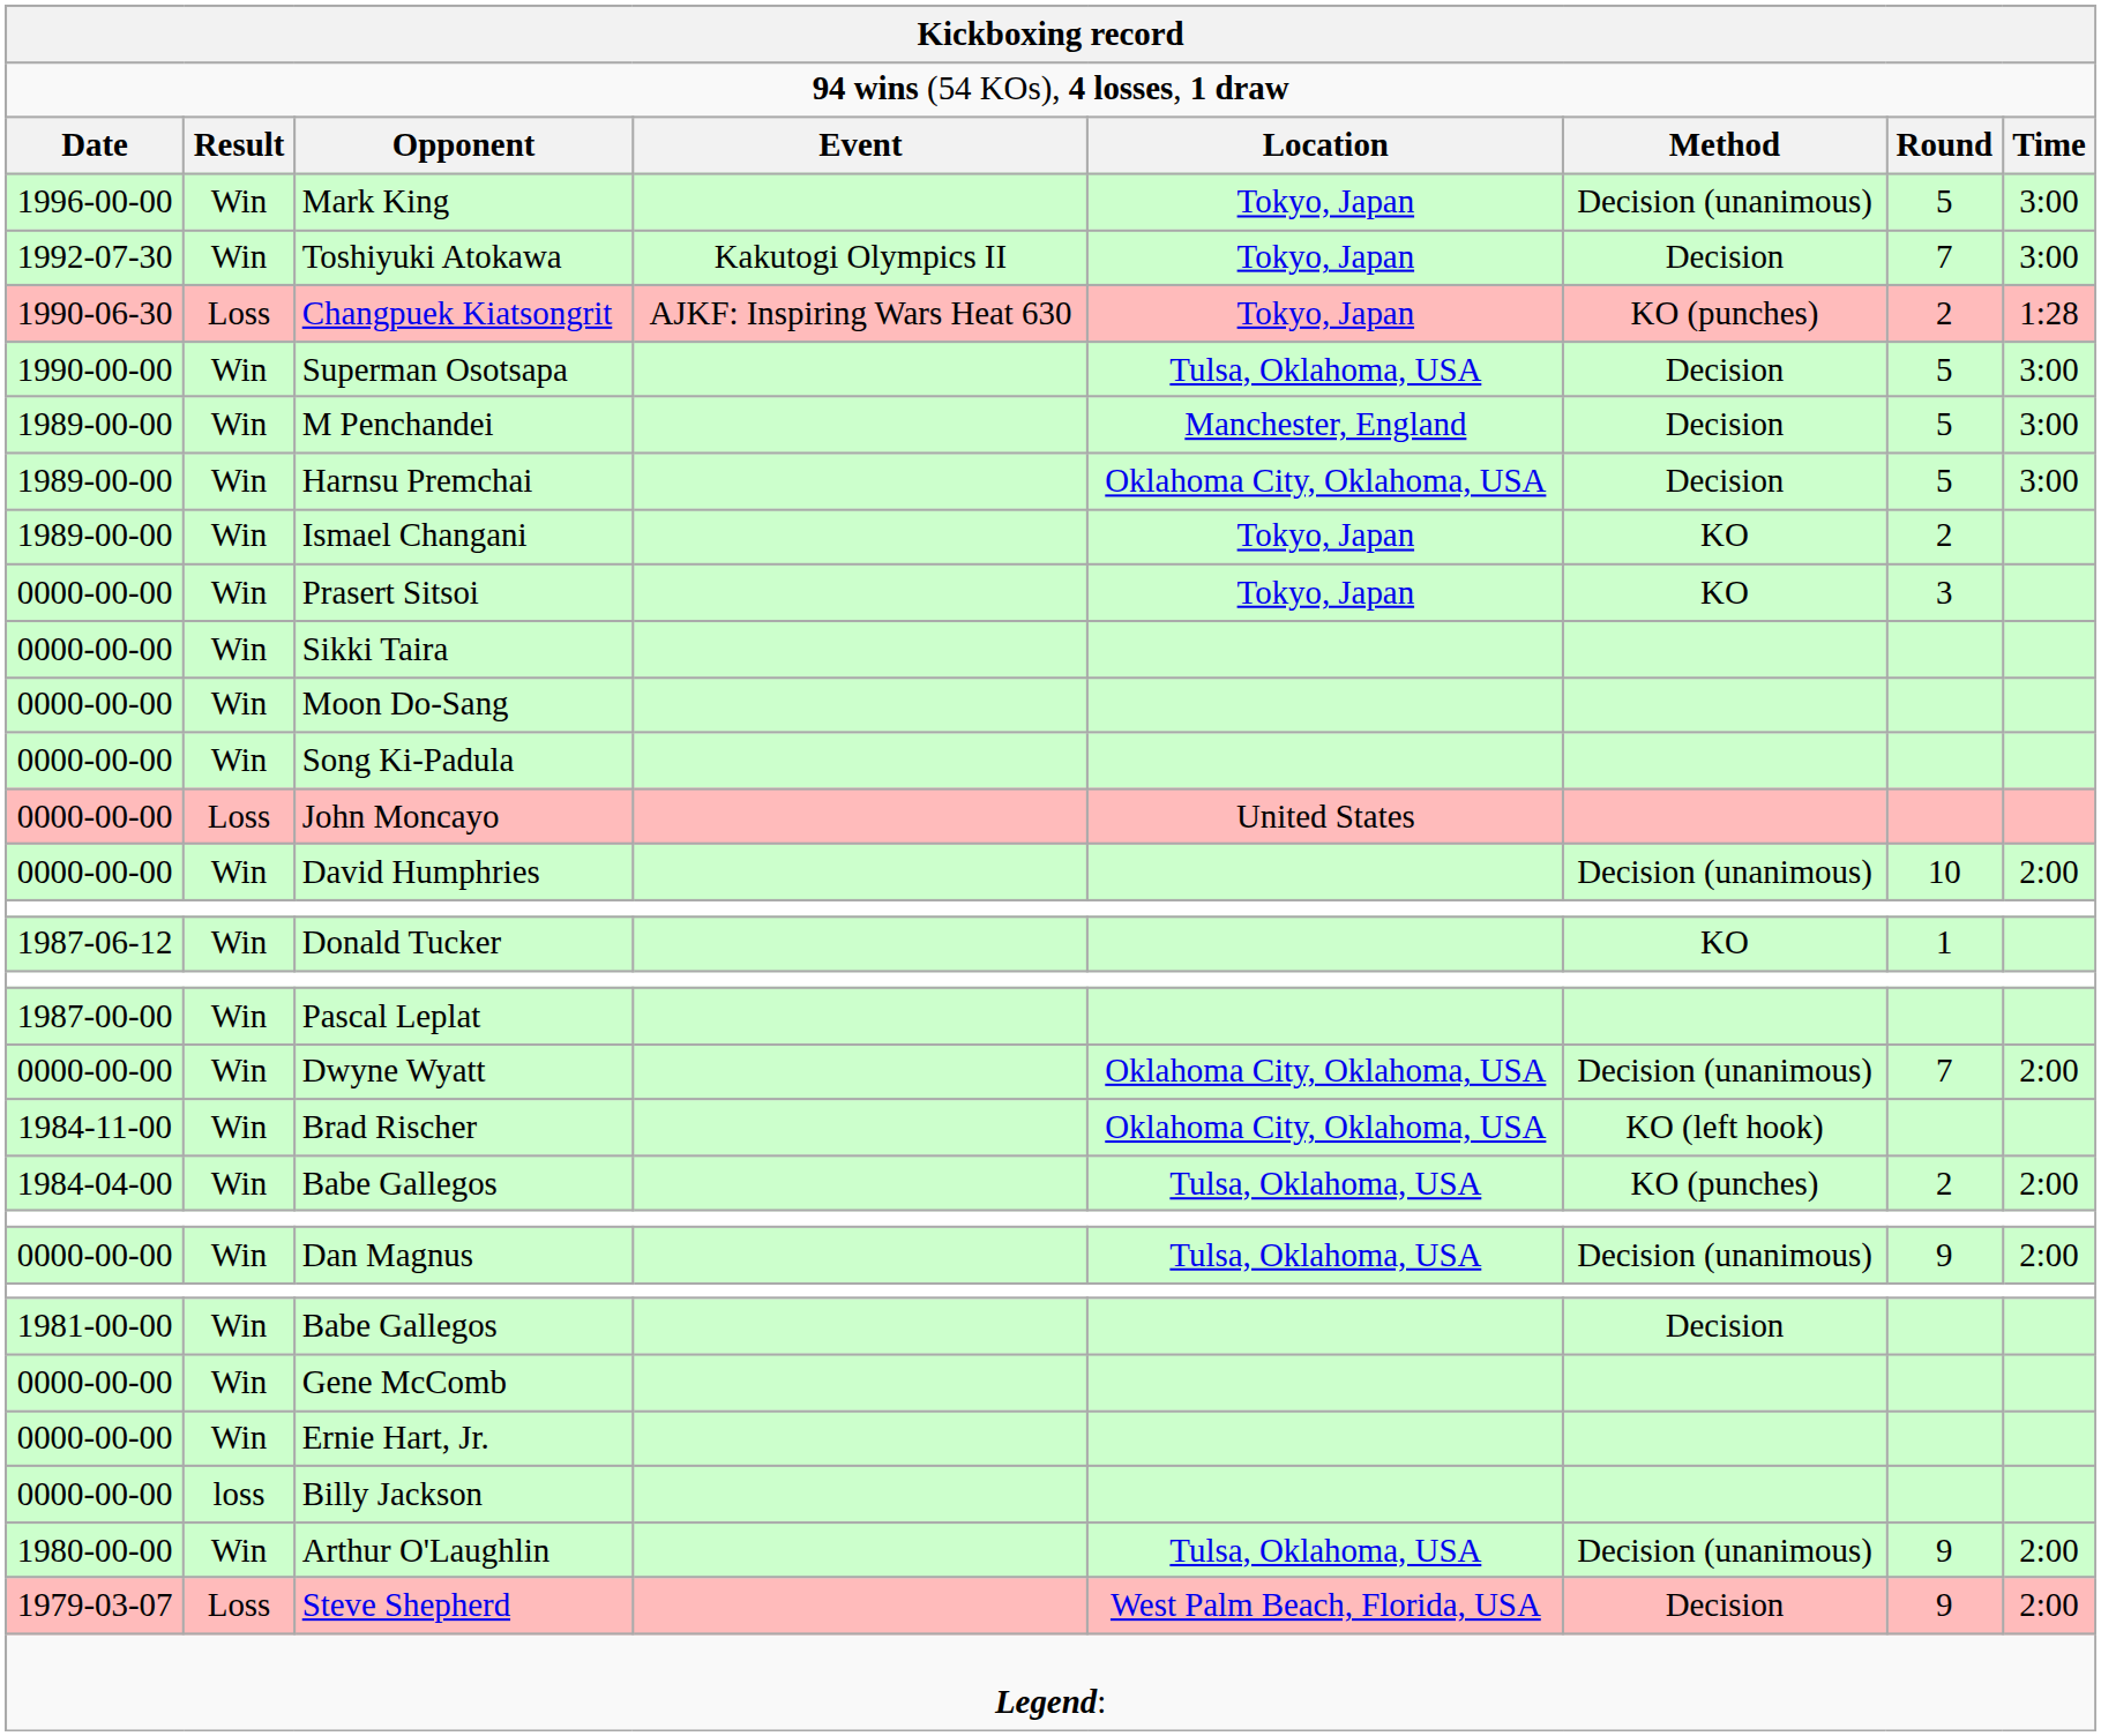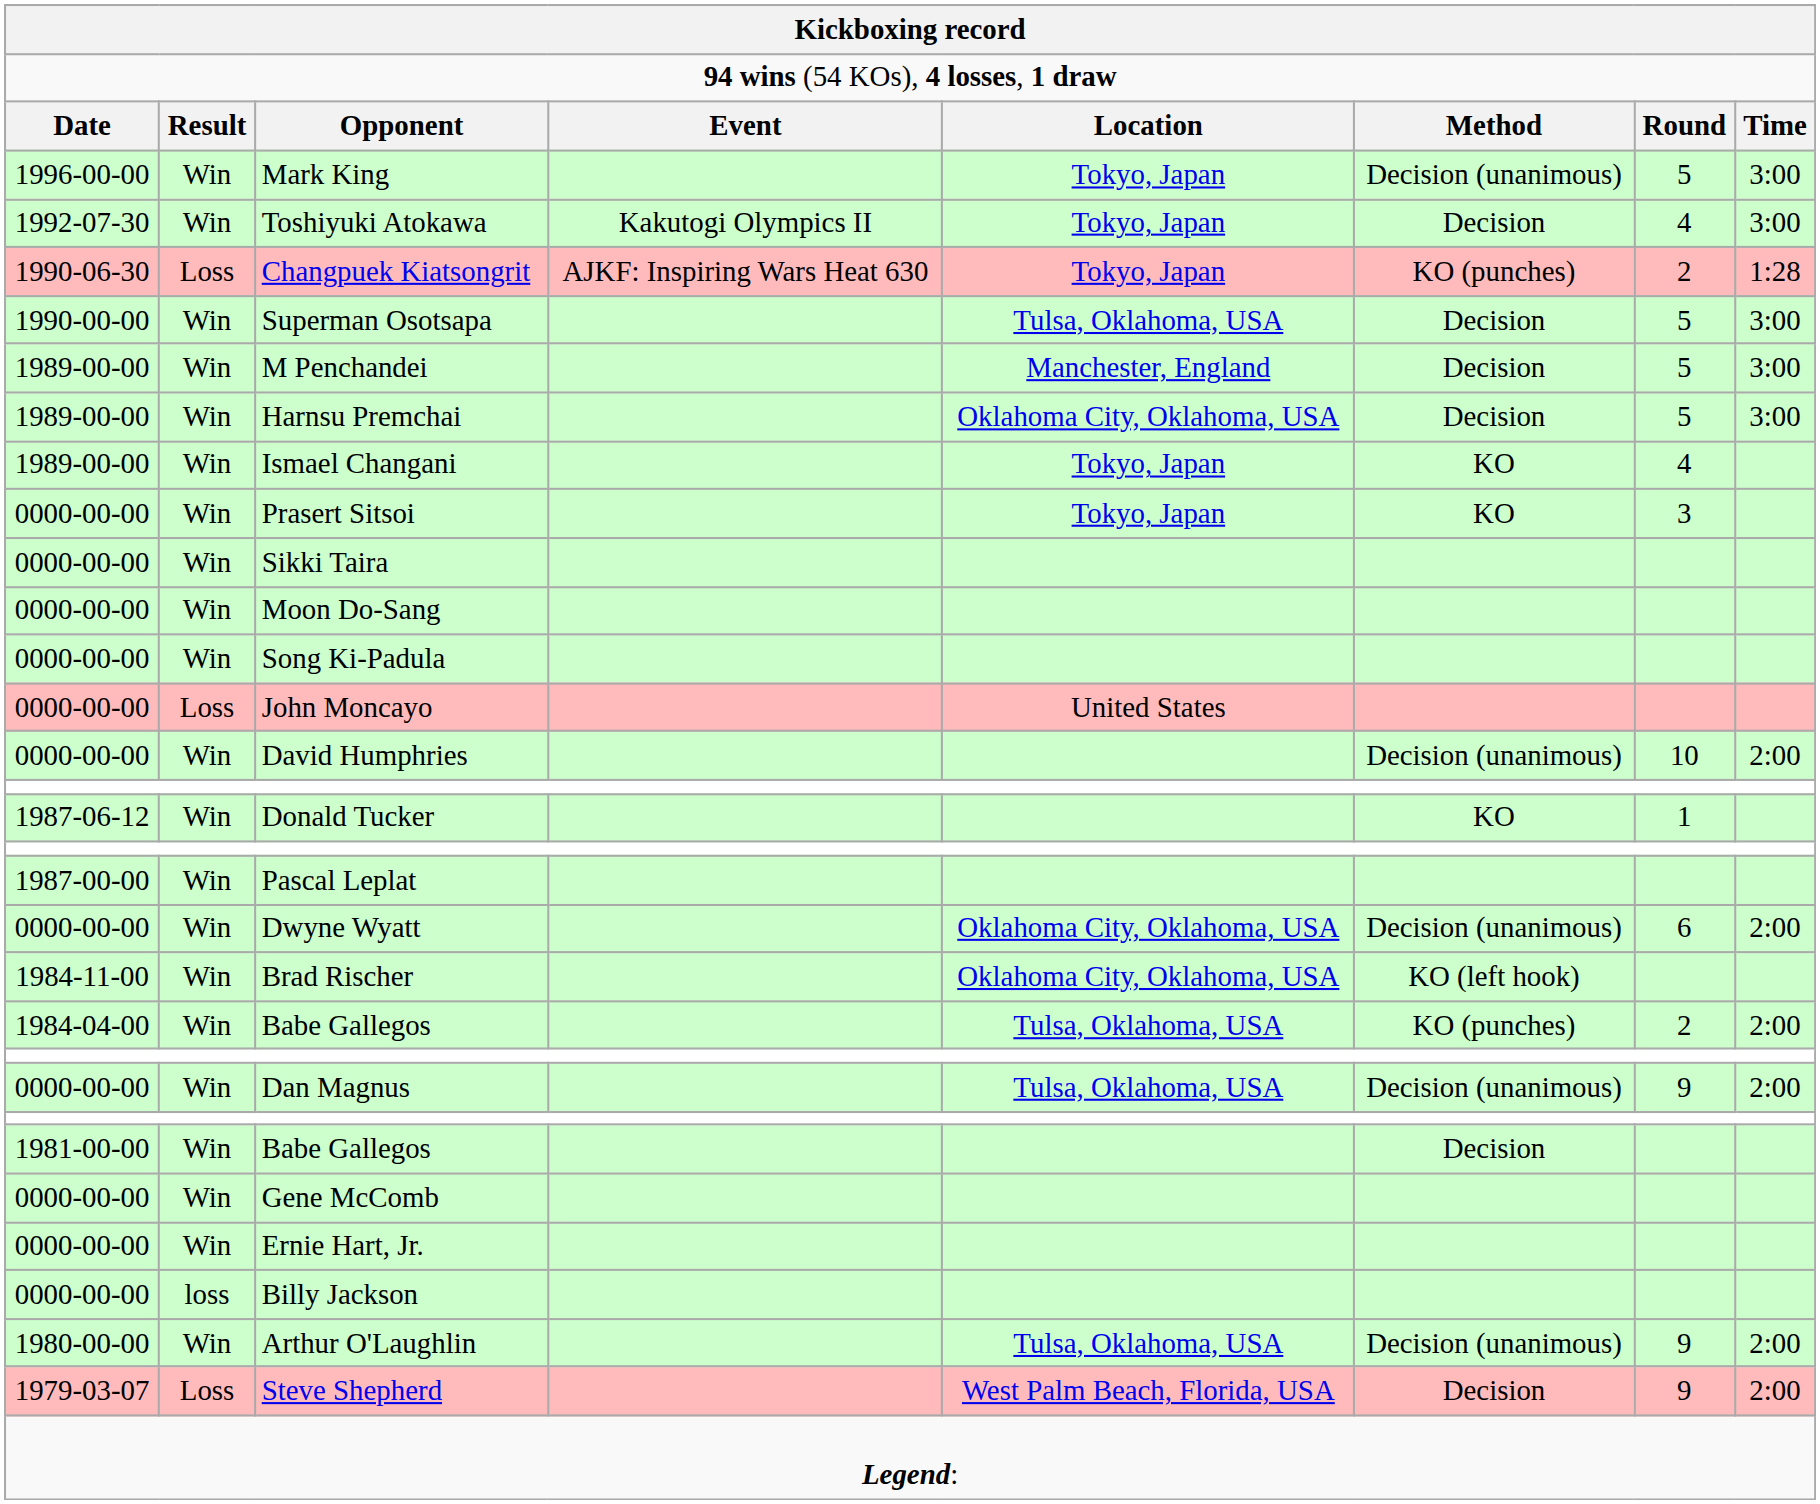 <table class="wikitable collapsible"  style="width:100%; font-size:88%; text-align:center;">
 <tr>
 <th colspan=9>Kickboxing record</th>
 </tr>
 <tr valign="top">
 <td colspan=9><strong>94 wins</strong> (54 KOs), <strong>4 losses</strong>, <strong>1 draw</strong></td>
 </tr>
 <tr>
 <th>Date</th>
 <th>Result</th>
 <th>Opponent</th>
 <th>Event</th>
 <th>Location</th>
 <th>Method</th>
 <th>Round</th>
 <th>Time</th>
 </tr>
 <tr style="background:#cfc;">
 <td>1996-00-00</td>
 <td>Win</td>
 <td align=left> Mark King</td>
 <td></td>
 <td><a href='#'>Tokyo, Japan</a></td>
 <td>Decision (unanimous)</td>
 <td>5</td>
 <td>3:00</td>
 </tr>
 <tr style="background:#cfc;">
 <td>1992-07-30</td>
 <td>Win</td>
 <td align=left> Toshiyuki Atokawa</td>
 <td>Kakutogi Olympics II</td>
 <td><a href='#'>Tokyo, Japan</a></td>
 <td>Decision</td>
-<td>7</td>
+<td>4</td>
 <td>3:00</td>
 </tr>
 <tr style="background:#fbb;">
 <td>1990-06-30</td>
 <td>Loss</td>
 <td align=left> <a href='#'>Changpuek Kiatsongrit</a></td>
 <td>AJKF: Inspiring Wars Heat 630</td>
 <td><a href='#'>Tokyo, Japan</a></td>
 <td>KO (punches)</td>
 <td>2</td>
 <td>1:28</td>
 </tr>
 <tr style="background:#cfc;">
 <td>1990-00-00</td>
 <td>Win</td>
 <td align=left> Superman Osotsapa</td>
 <td></td>
 <td><a href='#'>Tulsa, Oklahoma, USA</a></td>
 <td>Decision</td>
 <td>5</td>
 <td>3:00</td>
 </tr>
 <tr style="background:#cfc;">
 <td>1989-00-00</td>
 <td>Win</td>
 <td align=left> M Penchandei</td>
 <td></td>
 <td><a href='#'>Manchester, England</a></td>
 <td>Decision</td>
 <td>5</td>
 <td>3:00</td>
 </tr>
 <tr style="background:#cfc;">
 <td>1989-00-00</td>
 <td>Win</td>
 <td align=left> Harnsu Premchai</td>
 <td></td>
 <td><a href='#'>Oklahoma City, Oklahoma, USA</a></td>
 <td>Decision</td>
 <td>5</td>
 <td>3:00</td>
 </tr>
 <tr style="background:#cfc;">
 <td>1989-00-00</td>
 <td>Win</td>
 <td align=left> Ismael Changani</td>
 <td></td>
 <td><a href='#'>Tokyo, Japan</a></td>
 <td>KO</td>
-<td>2</td>
+<td>4</td>
 <td></td>
 </tr>
 <tr style="background:#cfc;">
 <td>0000-00-00</td>
 <td>Win</td>
 <td align=left> Prasert Sitsoi</td>
 <td></td>
 <td><a href='#'>Tokyo, Japan</a></td>
 <td>KO</td>
 <td>3</td>
 <td></td>
 </tr>
 <tr style="background:#cfc;">
 <td>0000-00-00</td>
 <td>Win</td>
 <td align=left> Sikki Taira</td>
 <td></td>
 <td></td>
 <td></td>
 <td></td>
 <td></td>
 </tr>
 <tr style="background:#cfc;">
 <td>0000-00-00</td>
 <td>Win</td>
 <td align=left> Moon Do-Sang</td>
 <td></td>
 <td></td>
 <td></td>
 <td></td>
 <td></td>
 </tr>
 <tr style="background:#cfc;">
 <td>0000-00-00</td>
 <td>Win</td>
 <td align=left> Song Ki-Padula</td>
 <td></td>
 <td></td>
 <td></td>
 <td></td>
 <td></td>
 </tr>
 <tr style="background:#fbb;">
 <td>0000-00-00</td>
 <td>Loss</td>
 <td align=left> John Moncayo</td>
 <td></td>
 <td>United States</td>
 <td></td>
 <td></td>
 <td></td>
 </tr>
 <tr style="background:#cfc;">
 <td>0000-00-00</td>
 <td>Win</td>
 <td align=left> David Humphries</td>
 <td></td>
 <td></td>
 <td>Decision (unanimous)</td>
 <td>10</td>
 <td>2:00</td>
 </tr>
 <tr>
 <th style="background:white" colspan=9></th>
 </tr>
 <tr style="background:#cfc;">
 <td>1987-06-12</td>
 <td>Win</td>
 <td align=left> Donald Tucker</td>
 <td></td>
 <td></td>
 <td>KO</td>
 <td>1</td>
 <td></td>
 </tr>
 <tr>
 <th style="background:white" colspan=9></th>
 </tr>
 <tr style="background:#cfc;">
 <td>1987-00-00</td>
 <td>Win</td>
 <td align=left> Pascal Leplat</td>
 <td></td>
 <td></td>
 <td></td>
 <td></td>
 <td></td>
 </tr>
 <tr style="background:#cfc;">
 <td>0000-00-00</td>
 <td>Win</td>
 <td align=left> Dwyne Wyatt</td>
 <td></td>
 <td><a href='#'>Oklahoma City, Oklahoma, USA</a></td>
 <td>Decision (unanimous)</td>
-<td>7</td>
+<td>6</td>
 <td>2:00</td>
 </tr>
 <tr style="background:#cfc;">
 <td>1984-11-00</td>
 <td>Win</td>
 <td align=left> Brad Rischer</td>
 <td></td>
 <td><a href='#'>Oklahoma City, Oklahoma, USA</a></td>
 <td>KO (left hook)</td>
 <td></td>
 <td></td>
 </tr>
 <tr style="background:#cfc;">
 <td>1984-04-00</td>
 <td>Win</td>
 <td align=left> Babe Gallegos</td>
 <td></td>
 <td><a href='#'>Tulsa, Oklahoma, USA</a></td>
 <td>KO (punches)</td>
 <td>2</td>
 <td>2:00</td>
 </tr>
 <tr>
 <th style="background:white" colspan=9></th>
 </tr>
 <tr style="background:#cfc;">
 <td>0000-00-00</td>
 <td>Win</td>
 <td align=left> Dan Magnus</td>
 <td></td>
 <td><a href='#'>Tulsa, Oklahoma, USA</a></td>
 <td>Decision (unanimous)</td>
 <td>9</td>
 <td>2:00</td>
 </tr>
 <tr>
 <th style="background:white" colspan=9></th>
 </tr>
 <tr style="background:#cfc;">
 <td>1981-00-00</td>
 <td>Win</td>
 <td align=left> Babe Gallegos</td>
 <td></td>
 <td></td>
 <td>Decision</td>
 <td></td>
 <td></td>
 </tr>
 <tr style="background:#cfc;">
 <td>0000-00-00</td>
 <td>Win</td>
 <td align=left> Gene McComb</td>
 <td></td>
 <td></td>
 <td></td>
 <td></td>
 <td></td>
 </tr>
 <tr style="background:#cfc;">
 <td>0000-00-00</td>
 <td>Win</td>
 <td align=left> Ernie Hart, Jr.</td>
 <td></td>
 <td></td>
 <td></td>
 <td></td>
 <td></td>
 </tr>
 <tr style="background:#cfc;">
 <td>0000-00-00</td>
 <td>loss</td>
 <td align=left> Billy Jackson</td>
 <td></td>
 <td></td>
 <td></td>
 <td></td>
 <td></td>
 </tr>
 <tr style="background:#cfc;">
 <td>1980-00-00</td>
 <td>Win</td>
 <td align=left> Arthur O'Laughlin</td>
 <td></td>
 <td><a href='#'>Tulsa, Oklahoma, USA</a></td>
 <td>Decision (unanimous)</td>
 <td>9</td>
 <td>2:00</td>
 </tr>
 <tr style="background:#fbb;">
 <td>1979-03-07</td>
 <td>Loss</td>
 <td align=left> <a href='#'>Steve Shepherd</a></td>
 <td></td>
 <td><a href='#'>West Palm Beach, Florida, USA</a></td>
 <td>Decision</td>
 <td>9</td>
 <td>2:00</td>
 </tr>
 <tr>
 <td colspan=9><br><strong><em>Legend</em></strong>:    </td>
 </tr>
 </table>
